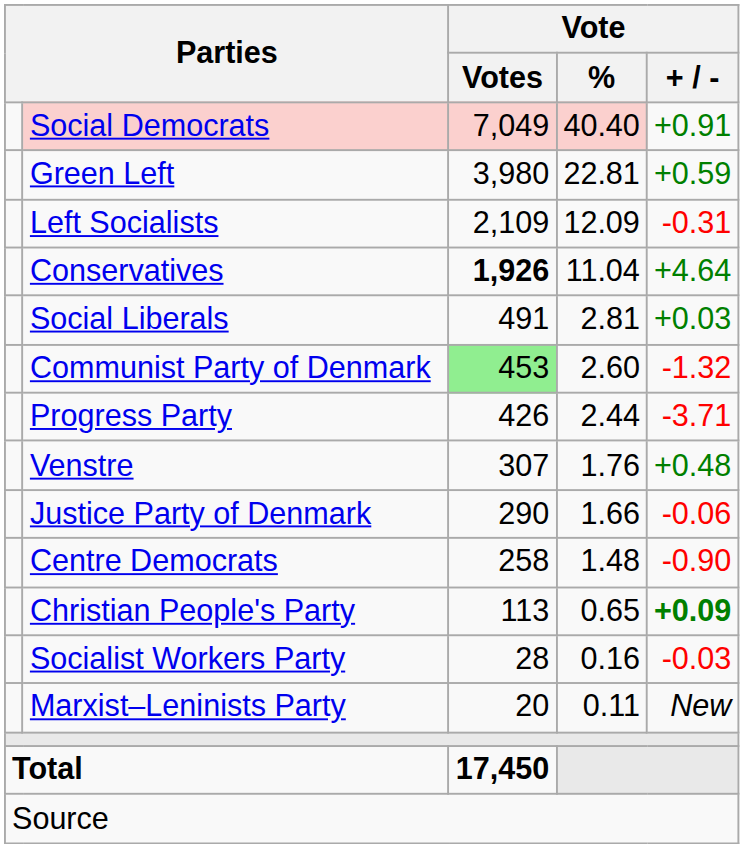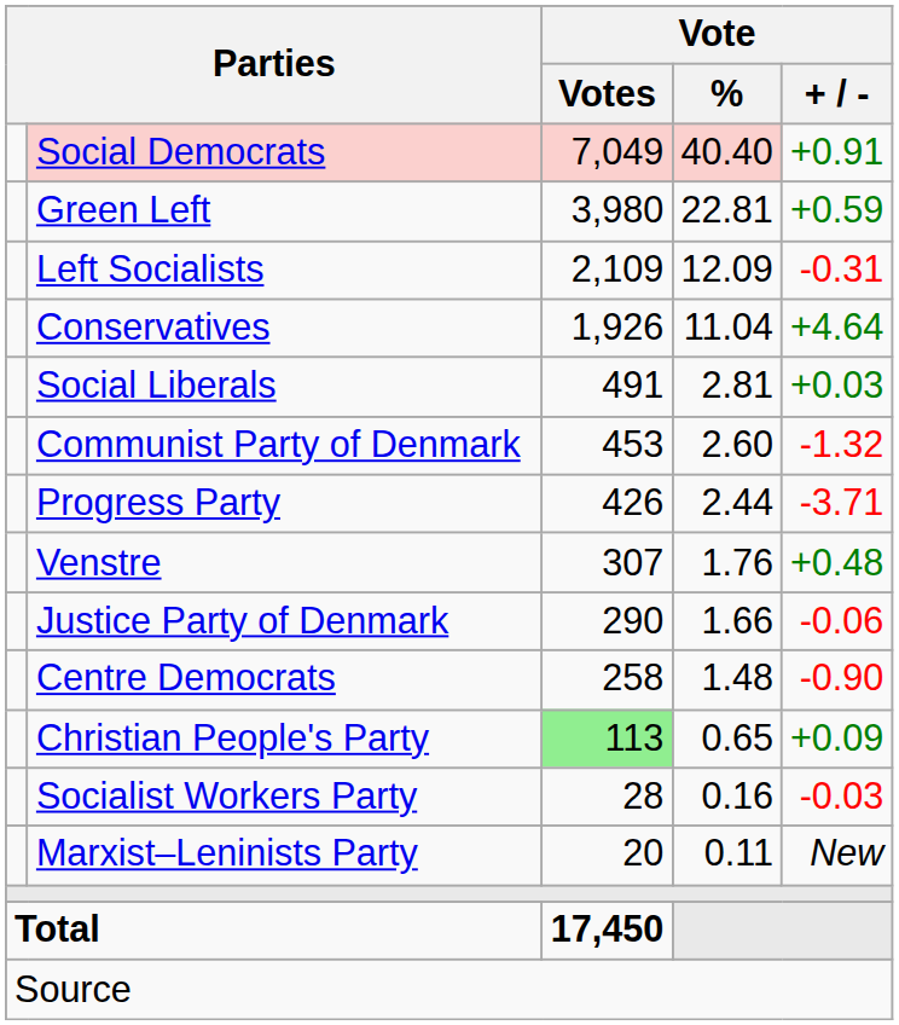 <table class="wikitable" style="text-align:right;">
 <tr>
 <th style="text-align:centre;" rowspan="2" colspan="2" width="225">Parties</th>
 <th colspan="3">Vote</th>
 </tr>
 <tr>
 <th width="15">Votes</th>
 <th width="15">%</th>
 <th width="15">+ / -</th>
 </tr>
 <tr>
 <td width="2" style="color:inherit;background:"></td>
 <td bgcolor=#fbd0ce  align="left"><a href='#'>Social Democrats</a></td>
 <td bgcolor=#fbd0ce>7,049</td>
 <td bgcolor=#fbd0ce>40.40</td>
 <td style=color:green;>+0.91</td>
 </tr>
 <tr>
 <td width="2" style="color:inherit;background:"></td>
 <td align="left"><a href='#'>Green Left</a></td>
 <td>3,980</td>
 <td>22.81</td>
 <td style=color:green;>+0.59</td>
 </tr>
 <tr>
 <td width="2" style="color:inherit;background:"></td>
 <td align="left"><a href='#'>Left Socialists</a></td>
 <td>2,109</td>
 <td>12.09</td>
 <td style=color:red;>-0.31</td>
 </tr>
 <tr>
 <td width="2" style="color:inherit;background:"></td>
 <td align="left"><a href='#'>Conservatives</a></td>
-<td><strong>1,926</strong></td>
+<td>1,926</td>
 <td>11.04</td>
 <td style=color:green;>+4.64</td>
 </tr>
 <tr>
 <td width="2" style="color:inherit;background:"></td>
 <td align="left"><a href='#'>Social Liberals</a></td>
 <td>491</td>
 <td>2.81</td>
 <td style=color:green;>+0.03</td>
 </tr>
 <tr>
 <td width="2" style="color:inherit;background:"></td>
 <td align="left"><a href='#'>Communist Party of Denmark</a></td>
-<td style="background: lightgreen;">453</td>
+<td>453</td>
 <td>2.60</td>
 <td style=color:red;>-1.32</td>
 </tr>
 <tr>
 <td width="2" style="color:inherit;background:"></td>
 <td align="left"><a href='#'>Progress Party</a></td>
 <td>426</td>
 <td>2.44</td>
 <td style=color:red;>-3.71</td>
 </tr>
 <tr>
 <td width="2" style="color:inherit;background:"></td>
 <td align="left"><a href='#'>Venstre</a></td>
 <td>307</td>
 <td>1.76</td>
 <td style=color:green;>+0.48</td>
 </tr>
 <tr>
 <td width="2" style="color:inherit;background:"></td>
 <td align="left"><a href='#'>Justice Party of Denmark</a></td>
 <td>290</td>
 <td>1.66</td>
 <td style=color:red;>-0.06</td>
 </tr>
 <tr>
 <td width="2" style="color:inherit;background:"></td>
 <td align="left"><a href='#'>Centre Democrats</a></td>
 <td>258</td>
 <td>1.48</td>
 <td style=color:red;>-0.90</td>
 </tr>
 <tr>
 <td width="2" style="color:inherit;background:"></td>
 <td align="left"><a href='#'>Christian People's Party</a></td>
-<td>113</td>
+<td style="background: lightgreen;">113</td>
 <td>0.65</td>
-<td style=color:green;><strong>+0.09</strong></td>
+<td style=color:green;>+0.09</td>
 </tr>
 <tr>
 <td width="2" style="color:inherit;background:"></td>
 <td align="left"><a href='#'>Socialist Workers Party</a></td>
 <td>28</td>
 <td>0.16</td>
 <td style=color:red;>-0.03</td>
 </tr>
 <tr>
 <td width="2" style="color:inherit;background:"></td>
 <td align="left"><a href='#'>Marxist–Leninists Party</a></td>
 <td>20</td>
 <td>0.11</td>
 <td><em>New</em></td>
 </tr>
 <tr>
 <td colspan="7" bgcolor="#E9E9E9"></td>
 </tr>
 <tr>
 <td align="left" colspan="2"><strong>Total</strong></td>
 <td><strong>17,450</strong></td>
 <td bgcolor="#E9E9E9" colspan="2"></td>
 </tr>
 <tr>
 <td align="left" colspan="6">Source</td>
 </tr>
 </table>
